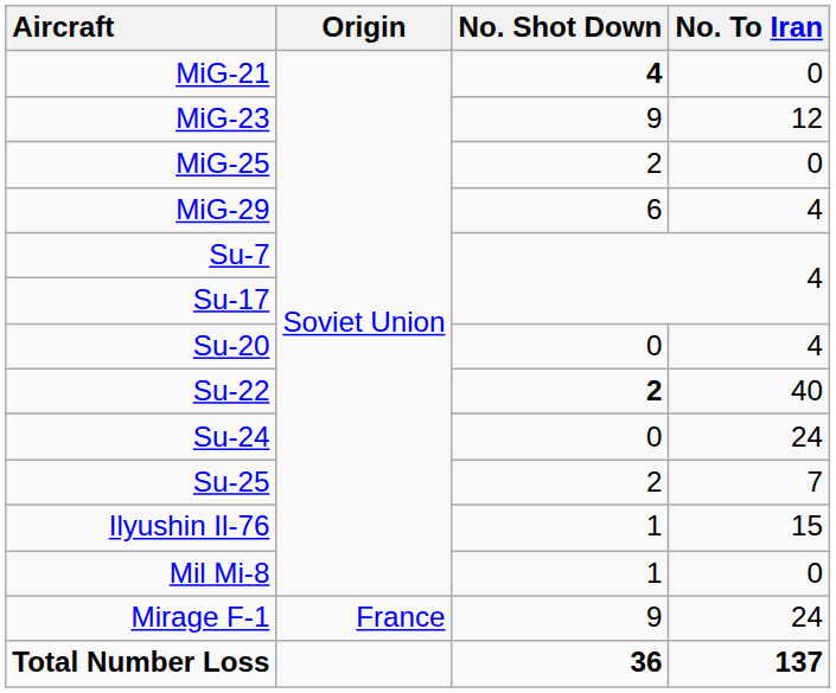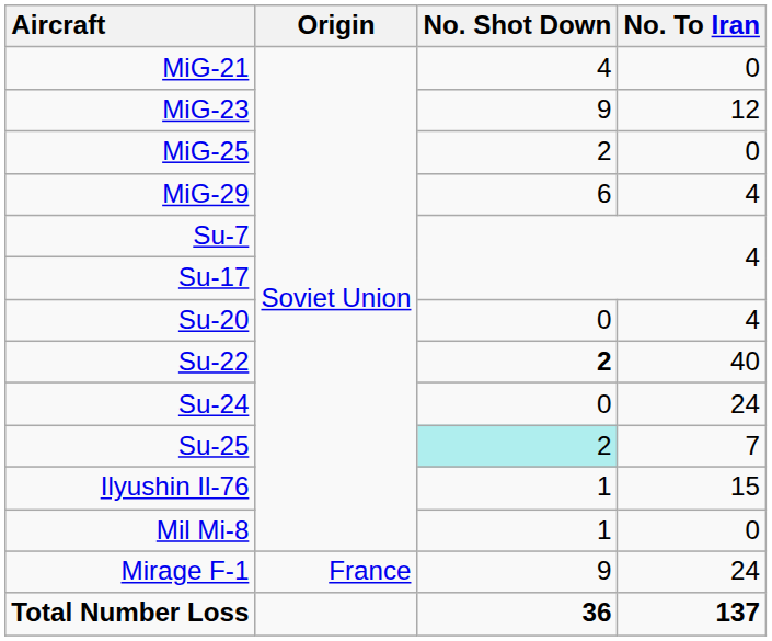 <table class="sortable wikitable" style="text-align: right">
 <tr>
 <th style="text-align: left;">Aircraft</th>
 <th>Origin</th>
 <th>No. Shot Down</th>
 <th>No. To <a href='#'>Iran</a></th>
 </tr>
 <tr>
 <td><a href='#'>MiG-21</a></td>
 <td rowspan="12"><a href='#'>Soviet Union</a></td>
-<td><strong>4</strong></td>
+<td>4</td>
 <td>0</td>
 </tr>
 <tr>
 <td><a href='#'>MiG-23</a></td>
 <td>9</td>
 <td>12</td>
 </tr>
 <tr>
 <td><a href='#'>MiG-25</a></td>
 <td>2</td>
 <td>0</td>
 </tr>
 <tr>
 <td><a href='#'>MiG-29</a></td>
 <td>6</td>
 <td>4</td>
 </tr>
 <tr>
 <td><a href='#'>Su-7</a></td>
 <td colspan="2" rowspan="2">4</td>
 </tr>
 <tr>
 <td><a href='#'>Su-17</a></td>
 </tr>
 <tr>
 <td><a href='#'>Su-20</a></td>
 <td>0</td>
 <td>4</td>
 </tr>
 <tr>
 <td><a href='#'>Su-22</a></td>
 <td><strong>2</strong></td>
 <td>40</td>
 </tr>
 <tr>
 <td><a href='#'>Su-24</a></td>
 <td>0</td>
 <td>24</td>
 </tr>
 <tr>
 <td><a href='#'>Su-25</a></td>
-<td>2</td>
+<td style="background: paleturquoise;">2</td>
 <td>7</td>
 </tr>
 <tr>
 <td><a href='#'>Ilyushin Il-76</a></td>
 <td>1</td>
 <td>15</td>
 </tr>
 <tr>
 <td><a href='#'>Mil Mi-8</a></td>
 <td>1</td>
 <td>0</td>
 </tr>
 <tr>
 <td><a href='#'>Mirage F-1</a></td>
 <td><a href='#'>France</a></td>
 <td>9</td>
 <td>24</td>
 </tr>
 <tr>
 <td><strong>Total Number Loss</strong></td>
 <td></td>
 <td><strong>36</strong></td>
 <td><strong>137</strong></td>
 </tr>
 </table>
